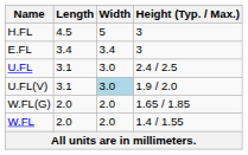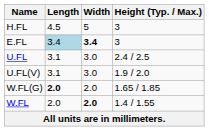 <table class=wikitable>
 <tr>
 <th>Name</th>
 <th>Length</th>
 <th>Width</th>
 <th>Height (Typ. / Max.)</th>
 </tr>
 <tr>
 <td>H.FL</td>
 <td>4.5</td>
 <td>5</td>
 <td>3</td>
 </tr>
 <tr>
 <td>E.FL</td>
-<td>3.4</td>
-<td>3.4</td>
+<td style="background: lightblue;">3.4</td>
+<td><strong>3.4</strong></td>
 <td>3</td>
 </tr>
 <tr>
 <td><a href='#'>U.FL</a></td>
 <td>3.1</td>
 <td>3.0</td>
 <td>2.4 / 2.5</td>
 </tr>
 <tr>
 <td>U.FL(V)</td>
 <td>3.1</td>
-<td style="background: lightblue;">3.0</td>
+<td>3.0</td>
 <td>1.9 / 2.0</td>
 </tr>
 <tr>
 <td>W.FL(G)</td>
-<td>2.0</td>
+<td><strong>2.0</strong></td>
 <td>2.0</td>
 <td>1.65 / 1.85</td>
 </tr>
 <tr>
 <td><a href='#'>W.FL</a></td>
 <td>2.0</td>
-<td>2.0</td>
+<td><strong>2.0</strong></td>
 <td>1.4 / 1.55</td>
 </tr>
 <tr>
 <th colspan=4>All units are in millimeters.</th>
 </tr>
 </table>
